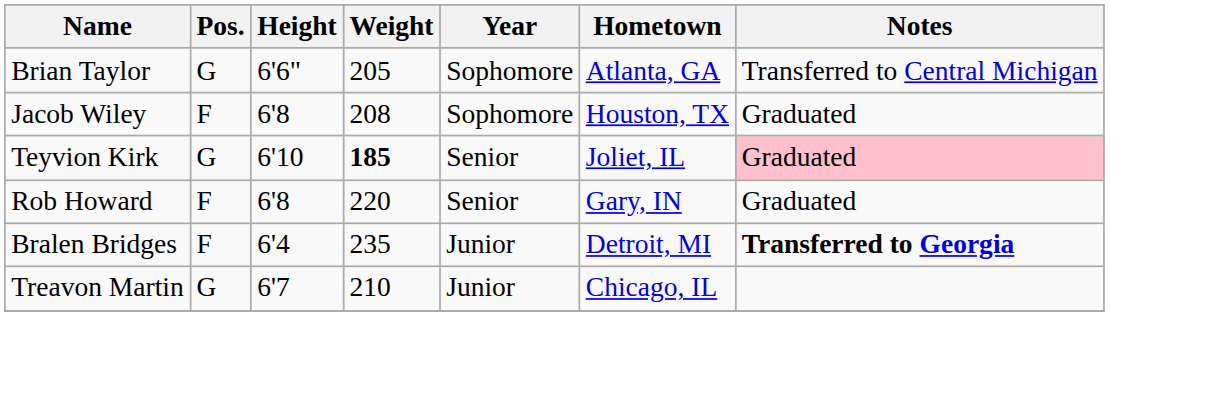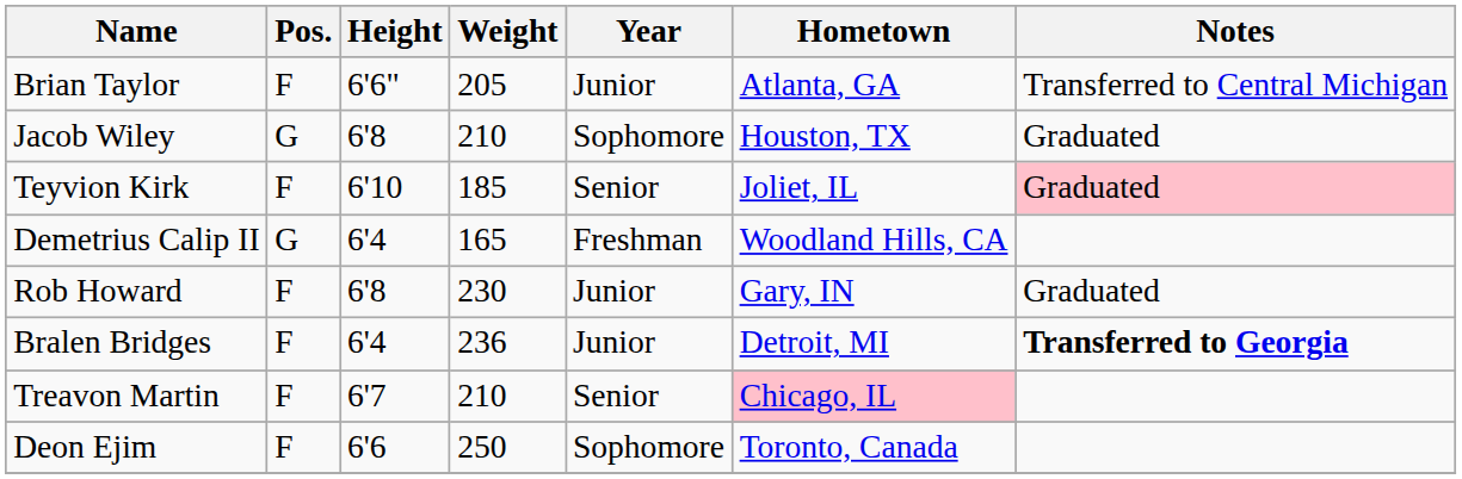 <table class="wikitable sortable" border="1">
 <tr align=center>
 <th>Name</th>
 <th>Pos.</th>
 <th>Height</th>
 <th>Weight</th>
 <th>Year</th>
 <th>Hometown</th>
 <th>Notes</th>
 </tr>
 <tr>
 <td>Brian Taylor</td>
-<td>G</td>
+<td>F</td>
 <td>6'6"</td>
 <td>205</td>
-<td>Sophomore</td>
+<td>Junior</td>
 <td><a href='#'>Atlanta, GA</a></td>
 <td>Transferred to <a href='#'>Central Michigan</a></td>
 </tr>
 <tr>
 <td>Jacob Wiley</td>
-<td>F</td>
+<td>G</td>
 <td>6'8</td>
-<td>208</td>
+<td>210</td>
 <td>Sophomore</td>
 <td><a href='#'>Houston, TX</a></td>
 <td>Graduated</td>
 </tr>
 <tr>
 <td>Teyvion Kirk</td>
-<td>G</td>
+<td>F</td>
 <td>6'10</td>
-<td><strong>185</strong></td>
+<td>185</td>
 <td>Senior</td>
 <td><a href='#'>Joliet, IL</a></td>
 <td style="background: pink;">Graduated</td>
 </tr>
 <tr>
+<td>Demetrius Calip II</td>
+<td>G</td>
+<td>6'4</td>
+<td>165</td>
+<td>Freshman</td>
+<td><a href='#'>Woodland Hills, CA</a></td>
+<td></td>
+</tr>
+<tr>
 <td>Rob Howard</td>
 <td>F</td>
 <td>6'8</td>
-<td>220</td>
-<td>Senior</td>
+<td>230</td>
+<td>Junior</td>
 <td><a href='#'>Gary, IN</a></td>
 <td>Graduated</td>
 </tr>
 <tr>
 <td>Bralen Bridges</td>
 <td>F</td>
 <td>6'4</td>
-<td>235</td>
+<td>236</td>
 <td>Junior</td>
 <td><a href='#'>Detroit, MI</a></td>
 <td><strong>Transferred to <a href='#'>Georgia</a></strong></td>
 </tr>
 <tr>
 <td>Treavon Martin</td>
-<td>G</td>
+<td>F</td>
 <td>6'7</td>
 <td>210</td>
-<td>Junior</td>
-<td><a href='#'>Chicago, IL</a></td>
+<td>Senior</td>
+<td style="background: pink;"><a href='#'>Chicago, IL</a></td>
+<td></td>
+</tr>
+<tr>
+<td>Deon Ejim</td>
+<td>F</td>
+<td>6'6</td>
+<td>250</td>
+<td>Sophomore</td>
+<td><a href='#'>Toronto, Canada</a></td>
 <td></td>
 </tr>
 <tr>
 </tr>
 </table>
